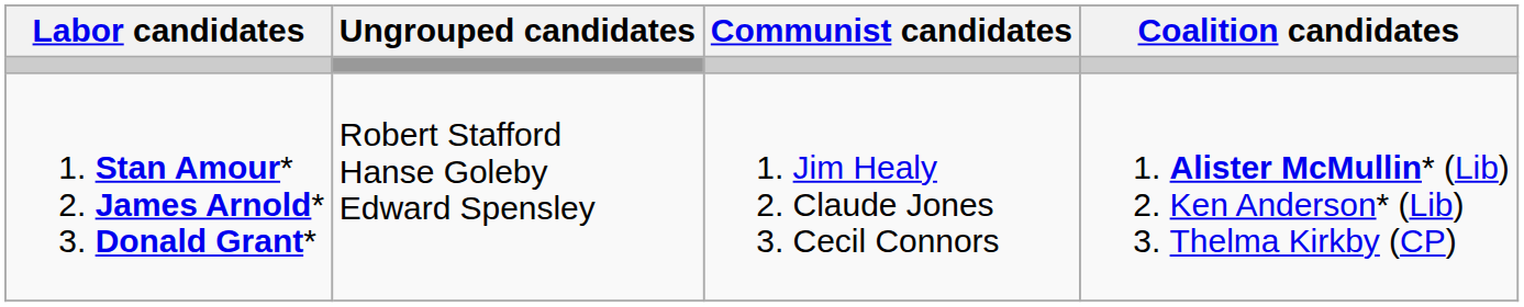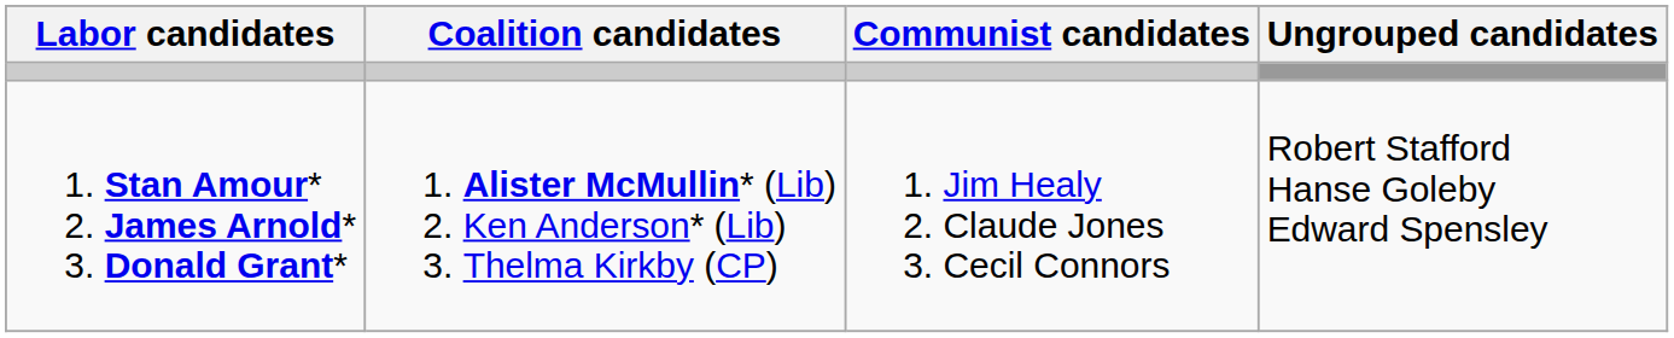 <table class="wikitable">
 <tr>
 <th><a href='#'>Labor</a> candidates</th>
+<th><a href='#'>Coalition</a> candidates</th>
+<th><a href='#'>Communist</a> candidates</th>
 <th>Ungrouped candidates</th>
-<th><a href='#'>Communist</a> candidates</th>
-<th><a href='#'>Coalition</a> candidates</th>
 </tr>
 <tr bgcolor="#cccccc">
 <td></td>
-<td bgcolor="#999999"></td>
 <td></td>
 <td></td>
+<td bgcolor="#999999"></td>
 </tr>
 <tr>
 <td><br><ol><li><strong><a href='#'>Stan Amour</a></strong>*</li><li><strong><a href='#'>James Arnold</a></strong>*</li><li><strong><a href='#'>Donald Grant</a></strong>*</li></ol></td>
+<td><br><ol><li><strong><a href='#'>Alister McMullin</a></strong>* (<a href='#'>Lib</a>)</li><li><a href='#'>Ken Anderson</a>* (<a href='#'>Lib</a>)</li><li><a href='#'>Thelma Kirkby</a> (<a href='#'>CP</a>)</li></ol></td>
+<td valign=top><br><ol><li><a href='#'>Jim Healy</a></li><li>Claude Jones</li><li>Cecil Connors</li></ol></td>
 <td valign=top><br>Robert Stafford<br> Hanse Goleby<br> Edward Spensley</td>
-<td valign=top><br><ol><li><a href='#'>Jim Healy</a></li><li>Claude Jones</li><li>Cecil Connors</li></ol></td>
-<td><br><ol><li><strong><a href='#'>Alister McMullin</a></strong>* (<a href='#'>Lib</a>)</li><li><a href='#'>Ken Anderson</a>* (<a href='#'>Lib</a>)</li><li><a href='#'>Thelma Kirkby</a> (<a href='#'>CP</a>)</li></ol></td>
 </tr>
 </table>
